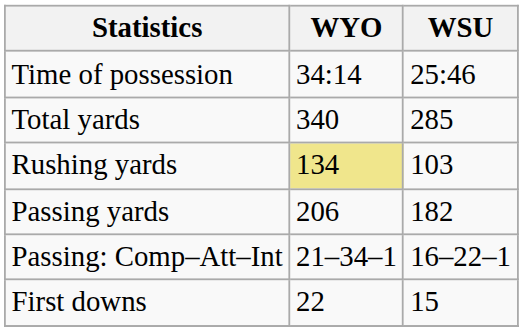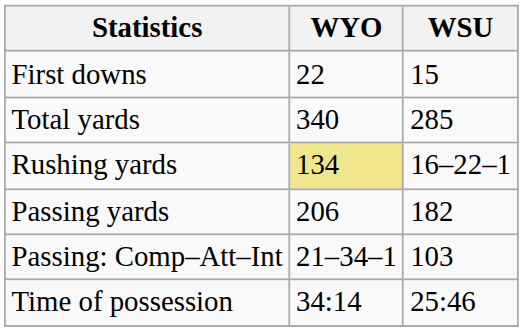 <table class="wikitable" style="float: left;">
 <tr>
 <th>Statistics</th>
 <th>WYO</th>
 <th>WSU</th>
 </tr>
 <tr>
-<td>Time of possession</td>
-<td>34:14</td>
-<td>25:46</td>
+<td>First downs</td>
+<td>22</td>
+<td>15</td>
 </tr>
 <tr>
 <td>Total yards</td>
 <td>340</td>
 <td>285</td>
 </tr>
 <tr>
 <td>Rushing yards</td>
 <td style="background: khaki;">134</td>
-<td>103</td>
+<td>16–22–1</td>
 </tr>
 <tr>
 <td>Passing yards</td>
 <td>206</td>
 <td>182</td>
 </tr>
 <tr>
 <td>Passing: Comp–Att–Int</td>
 <td>21–34–1</td>
-<td>16–22–1</td>
+<td>103</td>
 </tr>
 <tr>
-<td>First downs</td>
-<td>22</td>
-<td>15</td>
+<td>Time of possession</td>
+<td>34:14</td>
+<td>25:46</td>
 </tr>
 <tr>
 </tr>
 </table>
